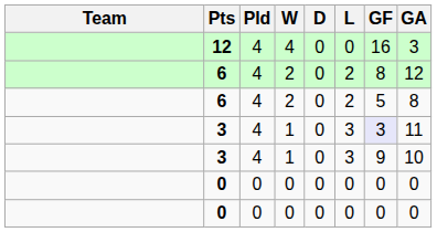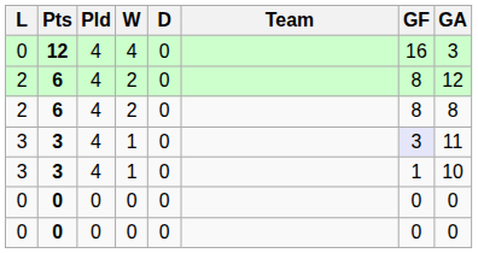 <table class="wikitable" style="text-align: center;">
 <tr>
-<th width=175>Team</th>
+<th width=20 abbr="Lost">L</th>
 <th width=20 abbr="Points">Pts</th>
 <th width=20 abbr="Played">Pld</th>
 <th width=20 abbr="Won">W</th>
 <th width=20 abbr="Drawn">D</th>
-<th width=20 abbr="Lost">L</th>
+<th width=175>Team</th>
 <th width=20 abbr="Goals for">GF</th>
 <th width=20 abbr="Goals against">GA</th>
 </tr>
 <tr style="background:#ccffcc;">
-<td style="text-align:left;"></td>
+<td>0</td>
 <td><strong>12</strong></td>
 <td>4</td>
 <td>4</td>
 <td>0</td>
-<td>0</td>
+<td style="text-align:left;"></td>
 <td>16</td>
 <td>3</td>
 </tr>
 <tr bgcolor=#ccffcc align=center>
-<td style="text-align:left;"></td>
+<td>2</td>
 <td><strong>6</strong></td>
 <td>4</td>
 <td>2</td>
 <td>0</td>
-<td>2</td>
+<td style="text-align:left;"></td>
 <td>8</td>
 <td>12</td>
 </tr>
 <tr align=center>
-<td style="text-align:left;"></td>
+<td>2</td>
 <td><strong>6</strong></td>
 <td>4</td>
 <td>2</td>
 <td>0</td>
-<td>2</td>
-<td>5</td>
+<td style="text-align:left;"></td>
+<td>8</td>
 <td>8</td>
 </tr>
 <tr align=center>
-<td style="text-align:left;"></td>
+<td>3</td>
 <td><strong>3</strong></td>
 <td>4</td>
 <td>1</td>
 <td>0</td>
-<td>3</td>
+<td style="text-align:left;"></td>
 <td style="background: lavender;">3</td>
 <td>11</td>
 </tr>
 <tr align=center>
-<td style="text-align:left;"></td>
+<td>3</td>
 <td><strong>3</strong></td>
 <td>4</td>
 <td>1</td>
 <td>0</td>
-<td>3</td>
-<td>9</td>
+<td style="text-align:left;"></td>
+<td>1</td>
 <td>10</td>
 </tr>
 <tr align=center>
-<td style="text-align:left;"></td>
+<td>0</td>
 <td><strong>0</strong></td>
 <td>0</td>
 <td>0</td>
 <td>0</td>
-<td>0</td>
+<td style="text-align:left;"></td>
 <td>0</td>
 <td>0</td>
 </tr>
 <tr align=center>
-<td style="text-align:left;"></td>
+<td>0</td>
 <td><strong>0</strong></td>
 <td>0</td>
 <td>0</td>
 <td>0</td>
-<td>0</td>
+<td style="text-align:left;"></td>
 <td>0</td>
 <td>0</td>
 </tr>
 </table>
